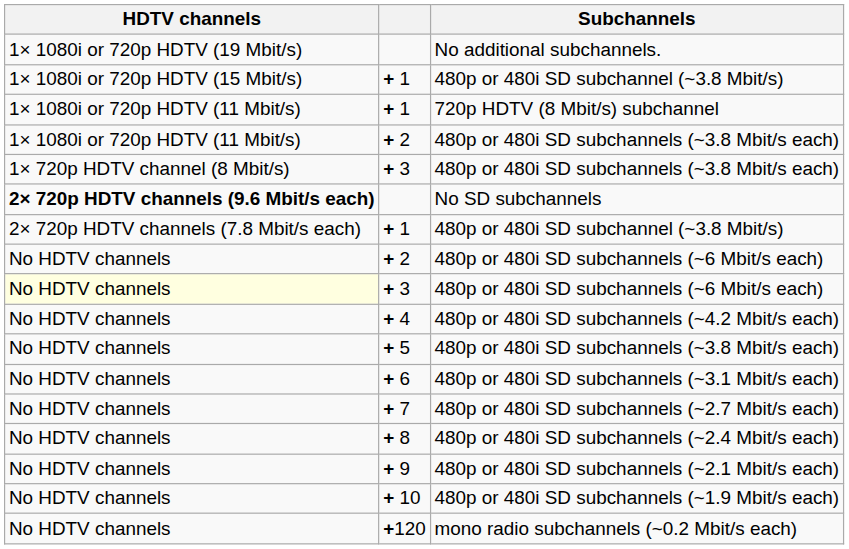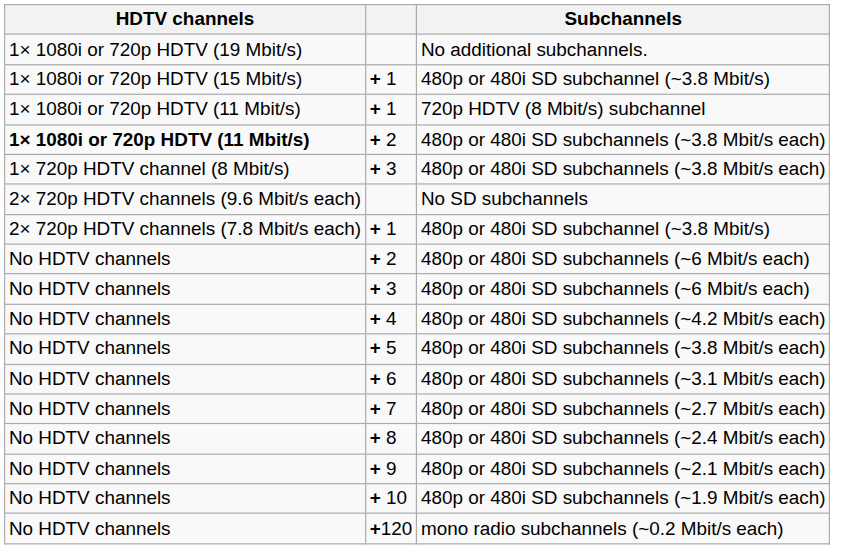 <table class="wikitable">
 <tr>
 <th>HDTV channels</th>
 <th></th>
 <th>Subchannels</th>
 </tr>
 <tr>
 <td>1× 1080i or 720p HDTV (19 Mbit/s)</td>
 <td></td>
 <td colspan="2">No additional subchannels.</td>
 </tr>
 <tr>
 <td>1× 1080i or 720p HDTV (15 Mbit/s)</td>
 <td><strong>+</strong> 1</td>
 <td>480p or 480i SD subchannel (~3.8 Mbit/s)</td>
 </tr>
 <tr>
 <td>1× 1080i or 720p HDTV (11 Mbit/s)</td>
 <td><strong>+</strong> 1</td>
 <td>720p HDTV (8 Mbit/s) subchannel</td>
 </tr>
 <tr>
-<td>1× 1080i or 720p HDTV (11 Mbit/s)</td>
+<td><strong>1× 1080i or 720p HDTV (11 Mbit/s)</strong></td>
 <td><strong>+</strong> 2</td>
 <td>480p or 480i SD subchannels (~3.8 Mbit/s each)</td>
 </tr>
 <tr>
 <td>1× 720p HDTV channel (8 Mbit/s)</td>
 <td><strong>+</strong> 3</td>
 <td>480p or 480i SD subchannels (~3.8 Mbit/s each)</td>
 </tr>
 <tr>
-<td><strong>2× 720p HDTV channels (9.6 Mbit/s each)</strong></td>
+<td>2× 720p HDTV channels (9.6 Mbit/s each)</td>
 <td></td>
 <td colspan="2">No SD subchannels</td>
 </tr>
 <tr>
 <td>2× 720p HDTV channels (7.8 Mbit/s each)</td>
 <td><strong>+</strong> 1</td>
 <td>480p or 480i SD subchannel (~3.8 Mbit/s)</td>
 </tr>
 <tr>
 <td>No HDTV channels</td>
 <td><strong>+</strong> 2</td>
 <td>480p or 480i SD subchannels (~6 Mbit/s each)</td>
 </tr>
 <tr>
-<td style="background: lightyellow;">No HDTV channels</td>
+<td>No HDTV channels</td>
 <td><strong>+</strong> 3</td>
 <td>480p or 480i SD subchannels (~6 Mbit/s each)</td>
 </tr>
 <tr>
 <td>No HDTV channels</td>
 <td><strong>+</strong> 4</td>
 <td>480p or 480i SD subchannels (~4.2 Mbit/s each)</td>
 </tr>
 <tr>
 <td>No HDTV channels</td>
 <td><strong>+</strong> 5</td>
 <td>480p or 480i SD subchannels (~3.8 Mbit/s each)</td>
 </tr>
 <tr>
 <td>No HDTV channels</td>
 <td><strong>+</strong> 6</td>
 <td>480p or 480i SD subchannels (~3.1 Mbit/s each)</td>
 </tr>
 <tr>
 <td>No HDTV channels</td>
 <td><strong>+</strong> 7</td>
 <td>480p or 480i SD subchannels (~2.7 Mbit/s each)</td>
 </tr>
 <tr>
 <td>No HDTV channels</td>
 <td><strong>+</strong> 8</td>
 <td>480p or 480i SD subchannels (~2.4 Mbit/s each)</td>
 </tr>
 <tr>
 <td>No HDTV channels</td>
 <td><strong>+</strong> 9</td>
 <td>480p or 480i SD subchannels (~2.1 Mbit/s each)</td>
 </tr>
 <tr>
 <td>No HDTV channels</td>
 <td><strong>+</strong> 10</td>
 <td>480p or 480i SD subchannels (~1.9 Mbit/s each)</td>
 </tr>
 <tr>
 <td>No HDTV channels</td>
 <td><strong>+</strong>120</td>
 <td>mono radio subchannels (~0.2 Mbit/s each)</td>
 </tr>
 </table>
